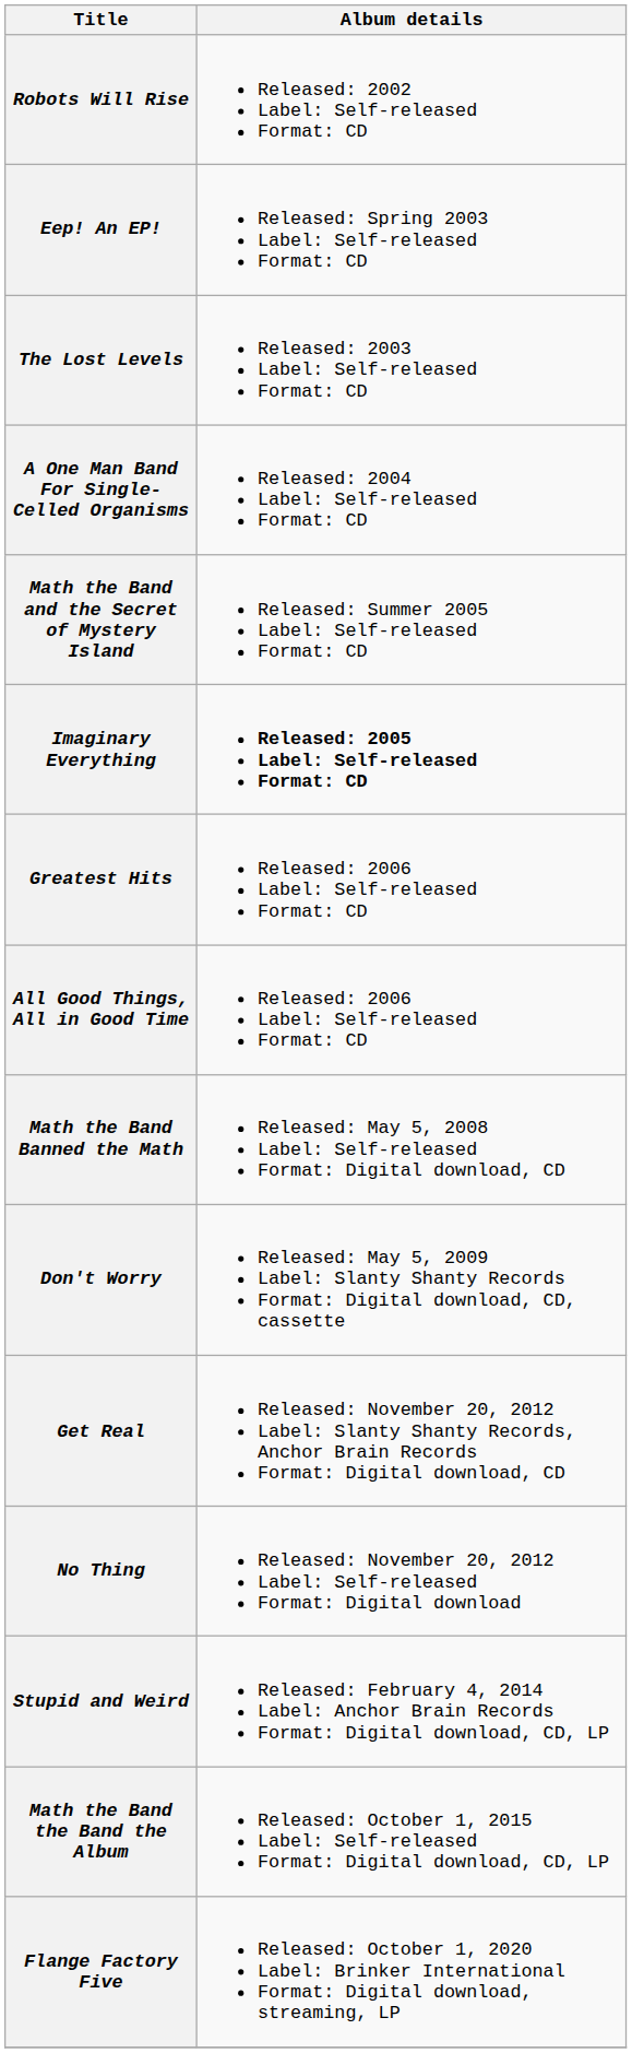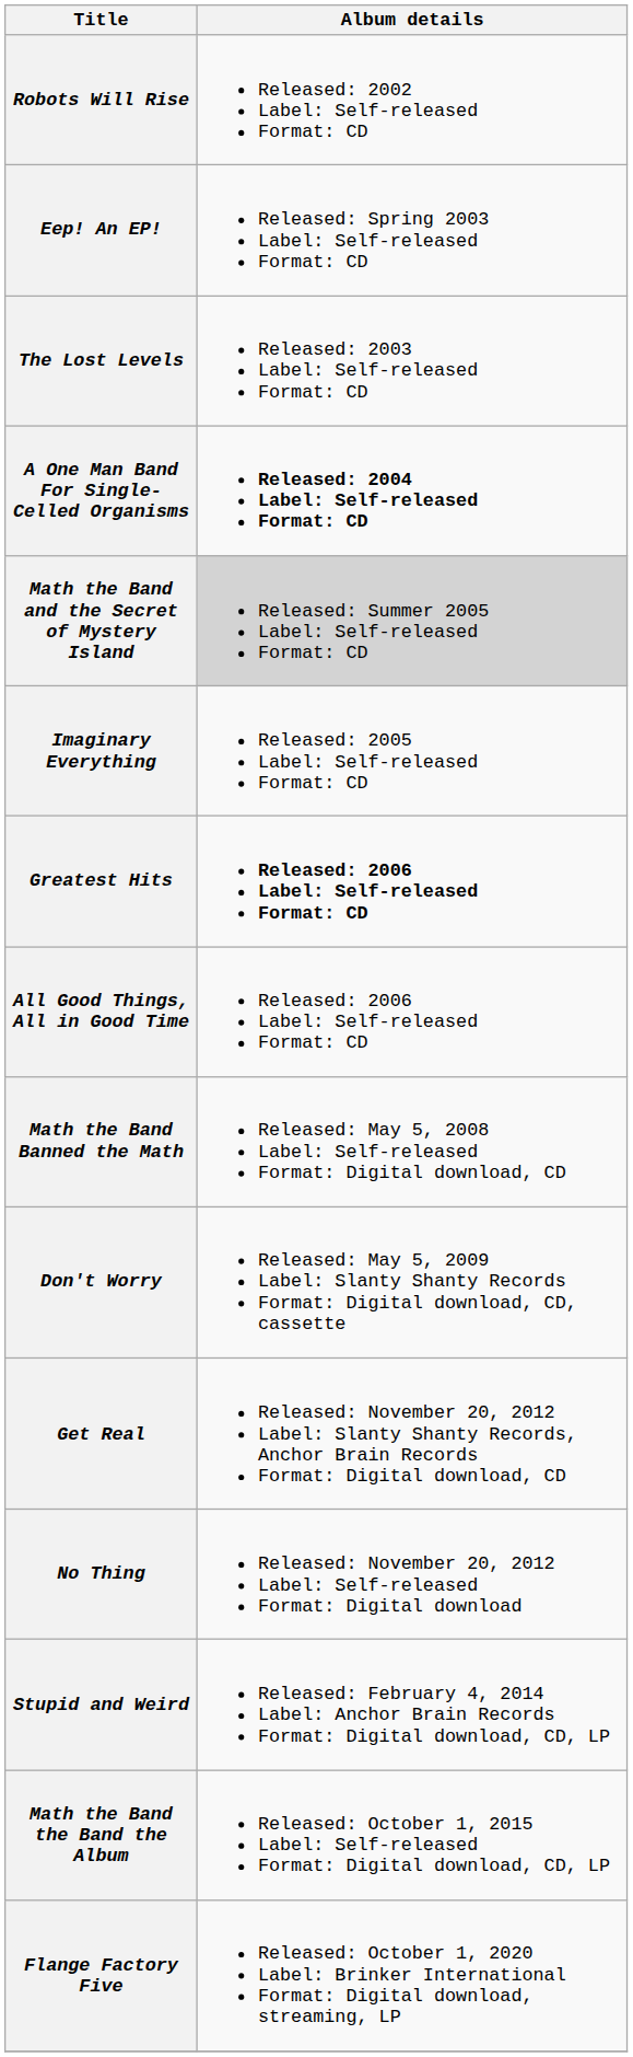 <table class="wikitable plainrowheaders">
 <tr>
 <th scope="col" style="width:10em;">Title</th>
 <th scope="col" style="width:23em;">Album details</th>
 </tr>
 <tr>
 <th scope="row"><em>Robots Will Rise</em></th>
 <td><br><ul><li>Released: 2002</li><li>Label: Self-released</li><li>Format: CD</li></ul></td>
 </tr>
 <tr>
 <th scope="row"><em>Eep! An EP!</em></th>
 <td><br><ul><li>Released: Spring 2003</li><li>Label: Self-released</li><li>Format: CD</li></ul></td>
 </tr>
 <tr>
 <th scope="row"><em>The Lost Levels</em></th>
 <td><br><ul><li>Released: 2003</li><li>Label: Self-released</li><li>Format: CD</li></ul></td>
 </tr>
 <tr>
 <th scope="row"><em>A One Man Band For Single-Celled Organisms</em></th>
-<td><br><ul><li>Released: 2004</li><li>Label: Self-released</li><li>Format: CD</li></ul></td>
+<td><strong><br><ul><li>Released: 2004</li><li>Label: Self-released</li><li>Format: CD</li></ul></strong></td>
 </tr>
 <tr>
 <th scope="row"><em>Math the Band and the Secret of Mystery Island</em></th>
-<td><br><ul><li>Released: Summer 2005</li><li>Label: Self-released</li><li>Format: CD</li></ul></td>
+<td style="background: lightgrey;"><br><ul><li>Released: Summer 2005</li><li>Label: Self-released</li><li>Format: CD</li></ul></td>
 </tr>
 <tr>
 <th scope="row"><em>Imaginary Everything</em></th>
-<td><strong><br><ul><li>Released: 2005</li><li>Label: Self-released</li><li>Format: CD</li></ul></strong></td>
+<td><br><ul><li>Released: 2005</li><li>Label: Self-released</li><li>Format: CD</li></ul></td>
 </tr>
 <tr>
 <th scope="row"><em>Greatest Hits</em></th>
-<td><br><ul><li>Released: 2006</li><li>Label: Self-released</li><li>Format: CD</li></ul></td>
+<td><strong><br><ul><li>Released: 2006</li><li>Label: Self-released</li><li>Format: CD</li></ul></strong></td>
 </tr>
 <tr>
 <th scope="row"><em>All Good Things, All in Good Time</em></th>
 <td><br><ul><li>Released: 2006</li><li>Label: Self-released</li><li>Format: CD</li></ul></td>
 </tr>
 <tr>
 <th scope="row"><em>Math the Band Banned the Math</em></th>
 <td><br><ul><li>Released: May 5, 2008</li><li>Label: Self-released</li><li>Format: Digital download, CD</li></ul></td>
 </tr>
 <tr>
 <th scope="row"><em>Don't Worry</em></th>
 <td><br><ul><li>Released: May 5, 2009</li><li>Label: Slanty Shanty Records</li><li>Format: Digital download, CD, cassette</li></ul></td>
 </tr>
 <tr>
 <th scope="row"><em>Get Real</em></th>
 <td><br><ul><li>Released: November 20, 2012</li><li>Label: Slanty Shanty Records, Anchor Brain Records</li><li>Format: Digital download, CD</li></ul></td>
 </tr>
 <tr>
 <th scope="row"><em>No Thing</em></th>
 <td><br><ul><li>Released: November 20, 2012</li><li>Label: Self-released</li><li>Format: Digital download</li></ul></td>
 </tr>
 <tr>
 <th scope="row"><em>Stupid and Weird</em></th>
 <td><br><ul><li>Released: February 4, 2014</li><li>Label: Anchor Brain Records</li><li>Format: Digital download, CD, LP</li></ul></td>
 </tr>
 <tr>
 <th scope="row"><em>Math the Band the Band the Album</em></th>
 <td><br><ul><li>Released: October 1, 2015</li><li>Label: Self-released</li><li>Format: Digital download, CD, LP</li></ul></td>
 </tr>
 <tr>
 <th scope="row"><em>Flange Factory Five</em></th>
 <td><br><ul><li>Released: October 1, 2020</li><li>Label: Brinker International</li><li>Format: Digital download, streaming, LP</li></ul></td>
 </tr>
 <tr>
 </tr>
 </table>
